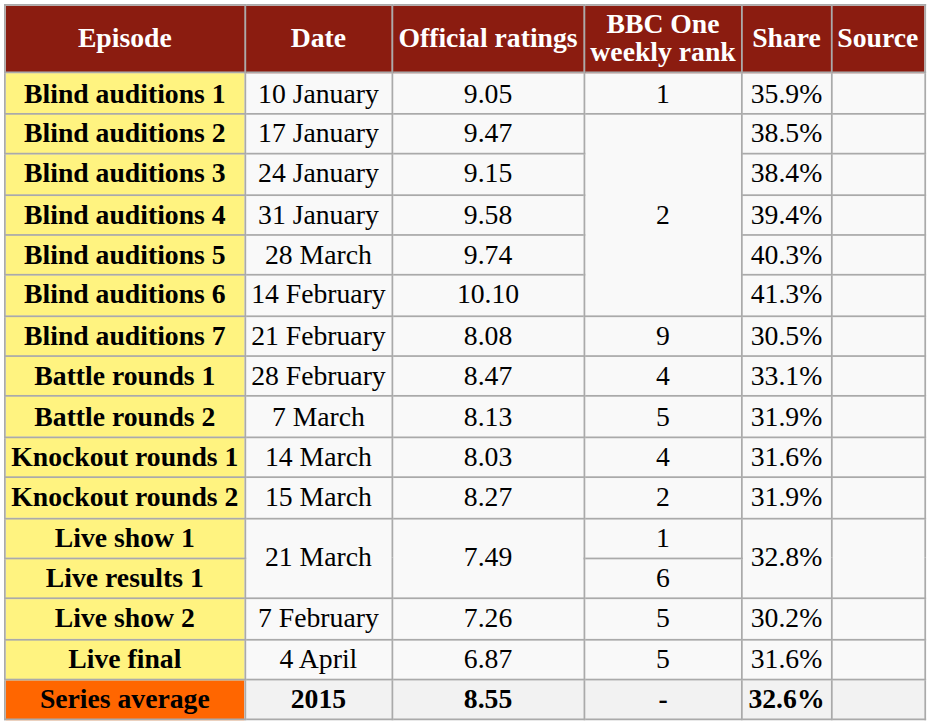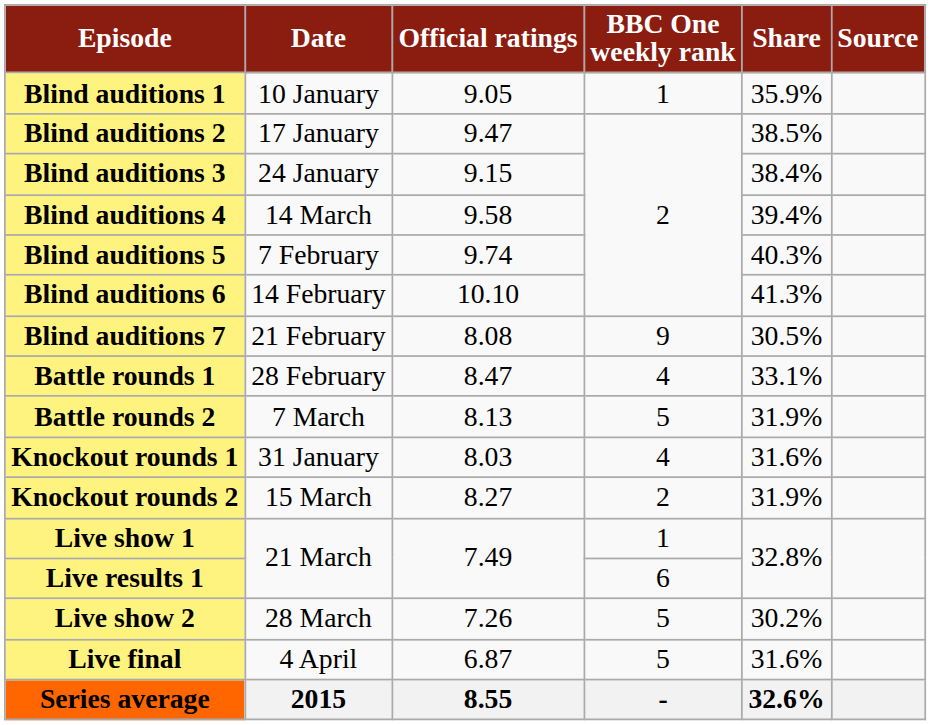 <table class="wikitable" style="text-align:center; background:#f9f9f9; line-height:16px;">
 <tr>
 <th style="background:#8b1c10; color:white;">Episode</th>
 <th style="background:#8b1c10; color:white;">Date</th>
 <th style="background:#8b1c10; color:white;">Official ratings<br><small></small></th>
 <th style="background:#8b1c10; color:white;">BBC One<br>weekly rank</th>
 <th style="background:#8b1c10; color:white;">Share</th>
 <th style="background:#8b1c10; color:white;">Source</th>
 </tr>
 <tr>
 <td style="background:#FFF380"><strong>Blind auditions 1</strong></td>
 <td>10 January</td>
 <td>9.05</td>
 <td>1</td>
 <td>35.9%</td>
 <td></td>
 </tr>
 <tr>
 <td style="background:#FFF380"><strong>Blind auditions 2</strong></td>
 <td>17 January</td>
 <td>9.47</td>
 <td rowspan="5">2</td>
 <td>38.5%</td>
 <td></td>
 </tr>
 <tr>
 <td style="background:#FFF380"><strong>Blind auditions 3</strong></td>
 <td>24 January</td>
 <td>9.15</td>
 <td>38.4%</td>
 <td></td>
 </tr>
 <tr>
 <td style="background:#FFF380"><strong>Blind auditions 4</strong></td>
-<td>31 January</td>
+<td>14 March</td>
 <td>9.58</td>
 <td>39.4%</td>
 <td></td>
 </tr>
 <tr>
 <td style="background:#FFF380"><strong>Blind auditions 5</strong></td>
-<td>28 March</td>
+<td>7 February</td>
 <td>9.74</td>
 <td>40.3%</td>
 <td></td>
 </tr>
 <tr>
 <td style="background:#FFF380"><strong>Blind auditions 6</strong></td>
 <td>14 February</td>
 <td>10.10</td>
 <td>41.3%</td>
 <td></td>
 </tr>
 <tr>
 <td style="background:#FFF380"><strong>Blind auditions 7</strong></td>
 <td>21 February</td>
 <td>8.08</td>
 <td>9</td>
 <td>30.5%</td>
 <td></td>
 </tr>
 <tr>
 <td style="background:#FFF380"><strong>Battle rounds 1</strong></td>
 <td>28 February</td>
 <td>8.47</td>
 <td>4</td>
 <td>33.1%</td>
 <td></td>
 </tr>
 <tr>
 <td style="background:#FFF380"><strong>Battle rounds 2</strong></td>
 <td>7 March</td>
 <td>8.13</td>
 <td>5</td>
 <td>31.9%</td>
 <td></td>
 </tr>
 <tr>
 <td style="background:#FFF380"><strong>Knockout rounds 1</strong></td>
-<td>14 March</td>
+<td>31 January</td>
 <td>8.03</td>
 <td>4</td>
 <td>31.6%</td>
 <td></td>
 </tr>
 <tr>
 <td style="background:#FFF380"><strong>Knockout rounds 2</strong></td>
 <td>15 March</td>
 <td>8.27</td>
 <td>2</td>
 <td>31.9%</td>
 <td></td>
 </tr>
 <tr>
 <td style="background:#FFF380"><strong>Live show 1</strong></td>
 <td rowspan="2">21 March</td>
 <td rowspan="2">7.49</td>
 <td>1</td>
 <td rowspan="2">32.8%</td>
 <td rowspan="2"></td>
 </tr>
 <tr>
 <td style="background:#FFF380"><strong>Live results 1</strong></td>
 <td>6</td>
 </tr>
 <tr>
 <td style="background:#FFF380"><strong>Live show 2</strong></td>
-<td>7 February</td>
+<td>28 March</td>
 <td>7.26</td>
 <td>5</td>
 <td>30.2%</td>
 <td></td>
 </tr>
 <tr>
 <td style="background:#FFF380"><strong>Live final</strong></td>
 <td>4 April</td>
 <td>6.87</td>
 <td>5</td>
 <td>31.6%</td>
 <td></td>
 </tr>
 <tr>
 <th style="background:#f60;"><strong>Series average</strong></th>
 <th>2015</th>
 <th>8.55</th>
 <th>-</th>
 <th>32.6%</th>
 <th></th>
 </tr>
 </table>
